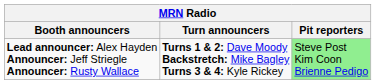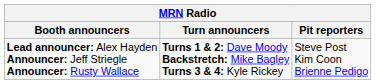 <table class="wikitable" style="font-size: 95%;">
 <tr>
 <th colspan="3"><a href='#'>MRN</a> Radio</th>
 </tr>
 <tr>
 <th>Booth announcers</th>
 <th>Turn announcers</th>
 <th>Pit reporters</th>
 </tr>
 <tr>
 <td><strong>Lead announcer:</strong> Alex Hayden<br><strong>Announcer:</strong> Jeff Striegle<br><strong>Announcer:</strong> <a href='#'>Rusty Wallace</a></td>
 <td><strong>Turns 1 & 2:</strong> <a href='#'>Dave Moody</a><br><strong>Backstretch:</strong> <a href='#'>Mike Bagley</a><br><strong>Turns 3 & 4:</strong> Kyle Rickey</td>
-<td style="background: lightgreen;">Steve Post<br>Kim Coon<br><a href='#'>Brienne Pedigo</a></td>
+<td>Steve Post<br>Kim Coon<br><a href='#'>Brienne Pedigo</a></td>
 </tr>
 </table>
